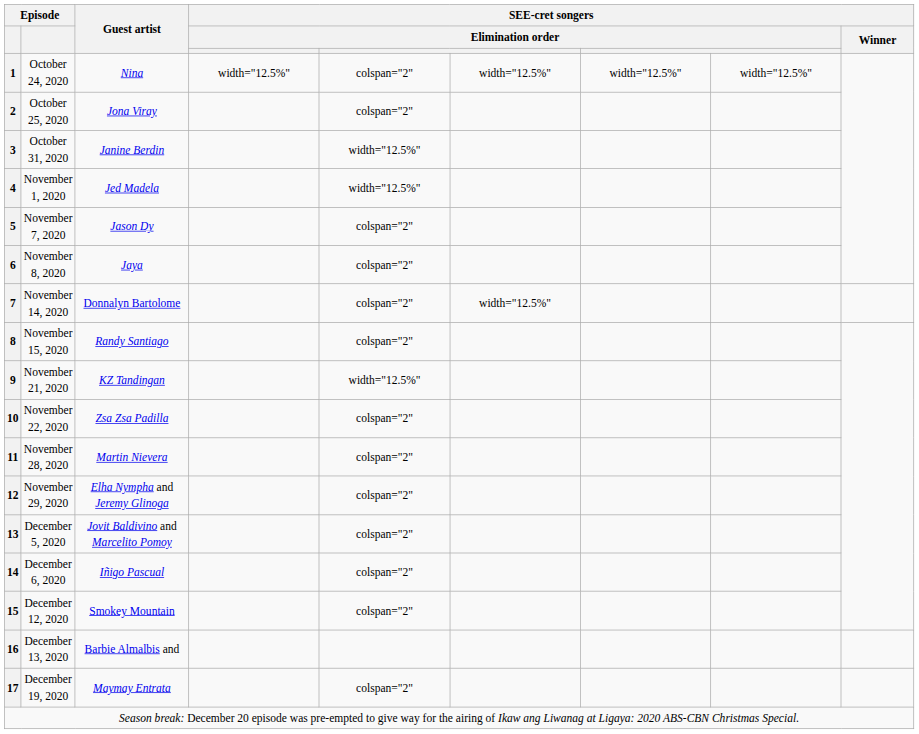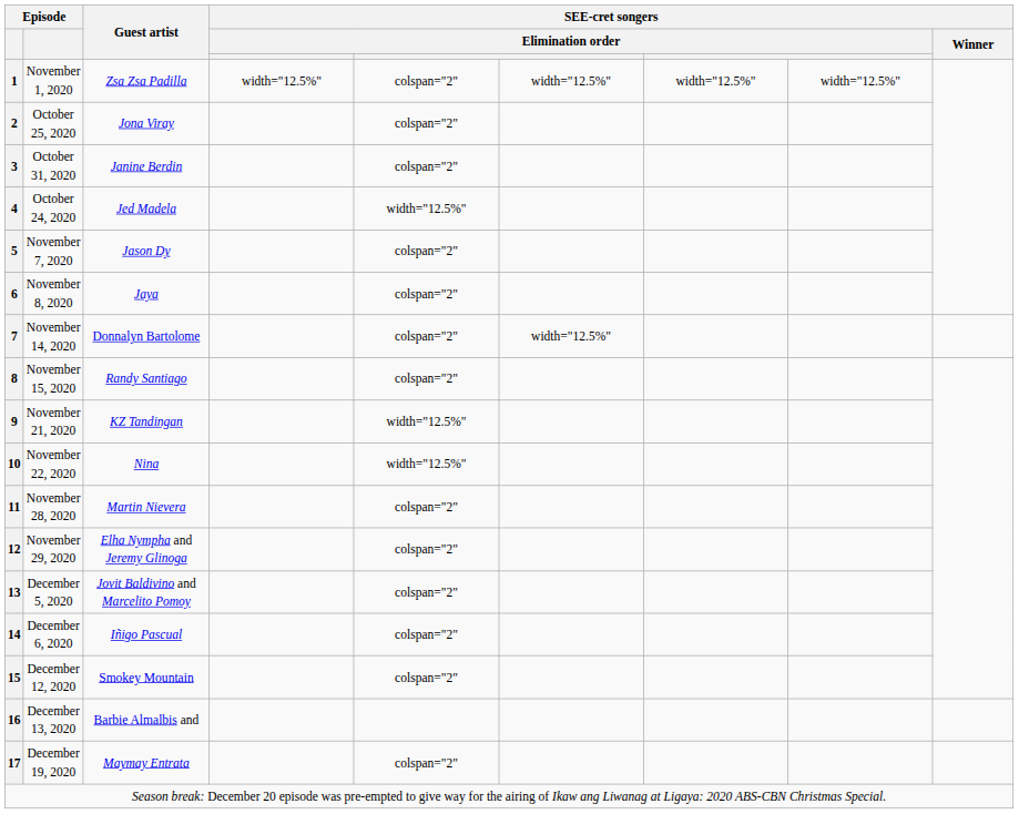 <table class="wikitable plainrowheaders mw-collapsible" style="text-align:center; line-height:23px; width:100%;">
 <tr>
 <th colspan="2" width="1%">Episode</th>
 <th rowspan="3" width="12.5%">Guest artist</th>
 <th colspan="6">SEE-cret songers<br></th>
 </tr>
 <tr>
 <th rowspan="2"></th>
 <th rowspan="2"></th>
 <th colspan="5">Elimination order</th>
 <th rowspan="2">Winner</th>
 </tr>
 <tr>
 <th></th>
 <th colspan="2"></th>
 <th colspan="2"></th>
 </tr>
 <tr>
 <th>1</th>
-<td>October 24, 2020</td>
-<td><em><a href='#'>Nina</a></em></td>
+<td>November 1, 2020</td>
+<td><em><a href='#'>Zsa Zsa Padilla</a></em></td>
 <td>width="12.5%" </td>
 <td>colspan="2" </td>
 <td>width="12.5%" </td>
 <td>width="12.5%" </td>
 <td>width="12.5%" </td>
 </tr>
 <tr>
 <th>2</th>
 <td>October 25, 2020</td>
 <td><em><a href='#'>Jona Viray</a></em></td>
 <td></td>
 <td>colspan="2" </td>
 <td></td>
 <td></td>
 <td></td>
 </tr>
 <tr>
 <th>3</th>
 <td>October 31, 2020</td>
 <td><em><a href='#'>Janine Berdin</a></em></td>
 <td></td>
-<td>width="12.5%" </td>
+<td>colspan="2" </td>
 <td></td>
 <td></td>
 <td></td>
 </tr>
 <tr>
 <th>4</th>
-<td>November 1, 2020</td>
+<td>October 24, 2020</td>
 <td><em><a href='#'>Jed Madela</a></em></td>
 <td></td>
 <td>width="12.5%" </td>
 <td></td>
 <td></td>
 <td></td>
 </tr>
 <tr>
 <th>5</th>
 <td>November 7, 2020</td>
 <td><em><a href='#'>Jason Dy</a></em></td>
 <td></td>
 <td>colspan="2" </td>
 <td></td>
 <td></td>
 <td></td>
 </tr>
 <tr>
 <th>6</th>
 <td>November 8, 2020</td>
 <td><em><a href='#'>Jaya</a></em></td>
 <td></td>
 <td>colspan="2" </td>
 <td></td>
 <td></td>
 <td></td>
 </tr>
 <tr>
 <th>7</th>
 <td>November 14, 2020</td>
 <td><a href='#'>Donnalyn Bartolome</a></td>
 <td></td>
 <td>colspan="2" </td>
 <td>width="12.5%" </td>
 <td></td>
 <td></td>
 <td></td>
 </tr>
 <tr>
 <th>8</th>
 <td>November 15, 2020</td>
 <td><em><a href='#'>Randy Santiago</a></em></td>
 <td></td>
 <td>colspan="2" </td>
 <td></td>
 <td></td>
 <td></td>
 </tr>
 <tr>
 <th>9</th>
 <td>November 21, 2020</td>
 <td><em><a href='#'>KZ Tandingan</a></em></td>
 <td></td>
 <td>width="12.5%" </td>
 <td></td>
 <td></td>
 <td></td>
 </tr>
 <tr>
 <th>10</th>
 <td>November 22, 2020</td>
-<td><em><a href='#'>Zsa Zsa Padilla</a></em></td>
+<td><em><a href='#'>Nina</a></em></td>
 <td></td>
-<td>colspan="2" </td>
+<td>width="12.5%" </td>
 <td></td>
 <td></td>
 <td></td>
 </tr>
 <tr>
 <th>11</th>
 <td>November 28, 2020</td>
 <td><em><a href='#'>Martin Nievera</a></em></td>
 <td></td>
 <td>colspan="2" </td>
 <td></td>
 <td></td>
 <td></td>
 </tr>
 <tr>
 <th>12</th>
 <td>November 29, 2020</td>
 <td><em><a href='#'>Elha Nympha</a></em> and <em><a href='#'>Jeremy Glinoga</a></em></td>
 <td></td>
 <td>colspan="2" </td>
 <td></td>
 <td></td>
 <td></td>
 </tr>
 <tr>
 <th>13</th>
 <td>December 5, 2020</td>
 <td><em><a href='#'>Jovit Baldivino</a></em> and <em><a href='#'>Marcelito Pomoy</a></em></td>
 <td></td>
 <td>colspan="2" </td>
 <td></td>
 <td></td>
 <td></td>
 </tr>
 <tr>
 <th>14</th>
 <td>December 6, 2020</td>
 <td><em><a href='#'>Iñigo Pascual</a></em></td>
 <td></td>
 <td>colspan="2" </td>
 <td></td>
 <td></td>
 <td></td>
 </tr>
 <tr>
 <th>15</th>
 <td>December 12, 2020</td>
 <td><a href='#'>Smokey Mountain</a></td>
 <td></td>
 <td>colspan="2" </td>
 <td></td>
 <td></td>
 <td></td>
 </tr>
 <tr>
 <th>16</th>
 <td>December 13, 2020</td>
 <td><a href='#'>Barbie Almalbis</a> and </td>
 <td></td>
 <td></td>
 <td></td>
 <td></td>
 <td></td>
 <td></td>
 </tr>
 <tr>
 <th>17</th>
 <td>December 19, 2020</td>
 <td><em><a href='#'>Maymay Entrata</a></em></td>
 <td></td>
 <td>colspan="2" </td>
 <td></td>
 <td></td>
 <td></td>
 </tr>
 <tr>
 <td colspan="9"><em>Season break:</em> December 20 episode was pre-empted to give way for the airing of <em>Ikaw ang Liwanag at Ligaya: 2020 ABS-CBN Christmas Special</em>.</td>
 </tr>
 </table>
